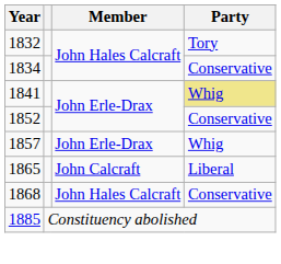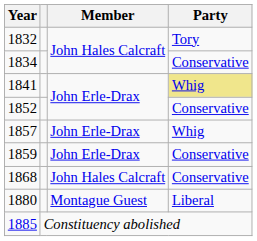 <table class="wikitable">
 <tr>
 <th>Year</th>
 <th></th>
 <th>Member</th>
 <th>Party</th>
 </tr>
 <tr>
 <td>1832</td>
 <td style="color:inherit;background-color: "></td>
 <td rowspan="2"><a href='#'>John Hales Calcraft</a></td>
 <td><a href='#'>Tory</a></td>
 </tr>
 <tr>
 <td>1834</td>
 <td style="color:inherit;background-color: "></td>
 <td><a href='#'>Conservative</a></td>
 </tr>
 <tr>
 <td>1841</td>
 <td style="color:inherit;background-color: "></td>
 <td rowspan="2"><a href='#'>John Erle-Drax</a></td>
 <td style="background: khaki;"><a href='#'>Whig</a></td>
 </tr>
 <tr>
 <td>1852</td>
 <td style="color:inherit;background-color: "></td>
 <td><a href='#'>Conservative</a></td>
 </tr>
 <tr>
 <td>1857</td>
 <td style="color:inherit;background-color: "></td>
 <td><a href='#'>John Erle-Drax</a></td>
 <td><a href='#'>Whig</a></td>
 </tr>
 <tr>
-<td>1865</td>
+<td>1859</td>
 <td style="color:inherit;background-color: "></td>
-<td><a href='#'>John Calcraft</a></td>
-<td><a href='#'>Liberal</a></td>
+<td><a href='#'>John Erle-Drax</a></td>
+<td><a href='#'>Conservative</a></td>
 </tr>
 <tr>
 <td>1868</td>
 <td style="color:inherit;background-color: "></td>
 <td><a href='#'>John Hales Calcraft</a></td>
 <td><a href='#'>Conservative</a></td>
 </tr>
 <tr>
+<td>1880</td>
+<td style="color:inherit;background-color: "></td>
+<td><a href='#'>Montague Guest</a></td>
+<td><a href='#'>Liberal</a></td>
+</tr>
+<tr>
 <td><a href='#'>1885</a></td>
 <td colspan="3"><em>Constituency abolished</em></td>
 </tr>
 </table>
